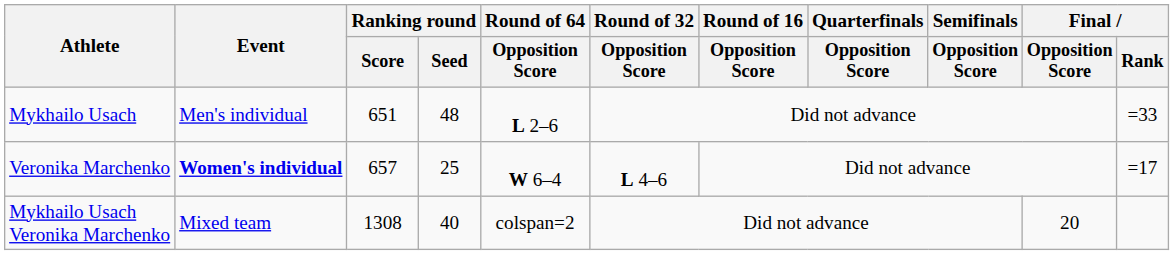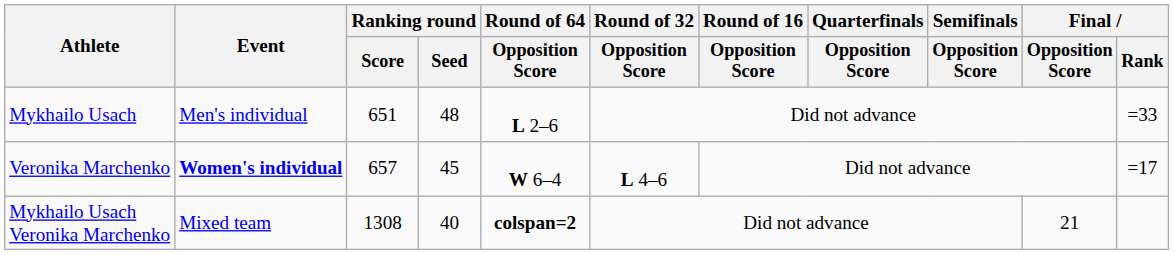 <table class="wikitable" style="font-size:90%; text-align:center">
 <tr>
 <th rowspan=2>Athlete</th>
 <th rowspan=2>Event</th>
 <th colspan="2">Ranking round</th>
 <th>Round of 64</th>
 <th>Round of 32</th>
 <th>Round of 16</th>
 <th>Quarterfinals</th>
 <th>Semifinals</th>
 <th colspan="2">Final / </th>
 </tr>
 <tr style="font-size:95%">
 <th>Score</th>
 <th>Seed</th>
 <th>Opposition<br>Score</th>
 <th>Opposition<br>Score</th>
 <th>Opposition<br>Score</th>
 <th>Opposition<br>Score</th>
 <th>Opposition<br>Score</th>
 <th>Opposition<br>Score</th>
 <th>Rank</th>
 </tr>
 <tr align=center>
 <td align=left><a href='#'>Mykhailo Usach</a></td>
 <td align=left><a href='#'>Men's individual</a></td>
 <td>651</td>
 <td>48</td>
 <td><br><strong>L</strong> 2–6</td>
 <td colspan=5>Did not advance</td>
 <td>=33</td>
 </tr>
 <tr align=center>
 <td align=left><a href='#'>Veronika Marchenko</a></td>
 <td align=left><strong><a href='#'>Women's individual</a></strong></td>
 <td>657</td>
-<td>25</td>
+<td>45</td>
 <td><br><strong>W</strong> 6–4</td>
 <td><br><strong>L</strong> 4–6</td>
 <td colspan=4>Did not advance</td>
 <td>=17</td>
 </tr>
 <tr align=center>
 <td align=left><a href='#'>Mykhailo Usach</a><br><a href='#'>Veronika Marchenko</a></td>
 <td align=left><a href='#'>Mixed team</a></td>
 <td>1308</td>
 <td>40</td>
-<td>colspan=2 </td>
+<td><strong>colspan=2 </strong></td>
 <td colspan=4>Did not advance</td>
-<td>20</td>
+<td>21</td>
 </tr>
 </table>
